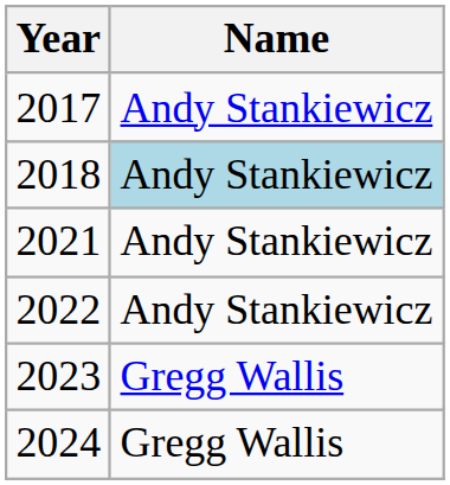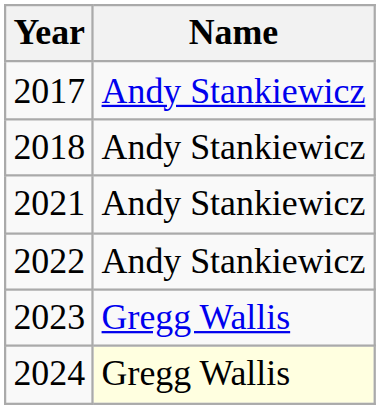 <table class="wikitable">
 <tr>
 <th>Year</th>
 <th>Name</th>
 </tr>
 <tr>
 <td>2017</td>
 <td><a href='#'>Andy Stankiewicz</a></td>
 </tr>
 <tr>
 <td>2018</td>
-<td style="background: lightblue;">Andy Stankiewicz</td>
+<td>Andy Stankiewicz</td>
 </tr>
 <tr>
 <td>2021</td>
 <td>Andy Stankiewicz</td>
 </tr>
 <tr>
 <td>2022</td>
 <td>Andy Stankiewicz</td>
 </tr>
 <tr>
 <td>2023</td>
 <td><a href='#'>Gregg Wallis</a></td>
 </tr>
 <tr>
 <td>2024</td>
-<td>Gregg Wallis</td>
+<td style="background: lightyellow;">Gregg Wallis</td>
 </tr>
 </table>
